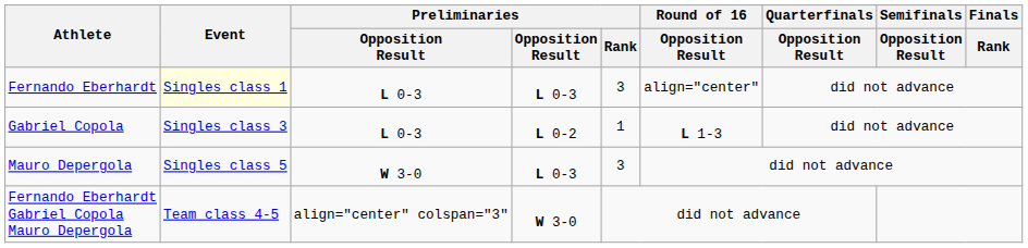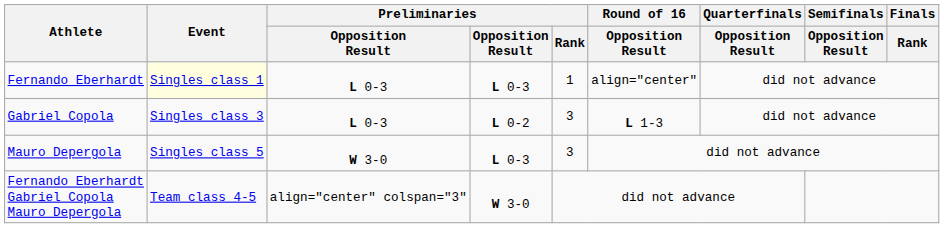 <table class=wikitable style="font-size:90%">
 <tr>
 <th rowspan="2">Athlete</th>
 <th rowspan="2">Event</th>
 <th colspan="3">Preliminaries</th>
 <th>Round of 16</th>
 <th>Quarterfinals</th>
 <th>Semifinals</th>
 <th colspan="2">Finals</th>
 </tr>
 <tr>
 <th>Opposition<br>Result</th>
 <th>Opposition<br>Result</th>
 <th>Rank</th>
 <th>Opposition<br>Result</th>
 <th>Opposition<br>Result</th>
 <th>Opposition<br>Result</th>
 <th>Rank</th>
 </tr>
 <tr>
 <td><a href='#'>Fernando Eberhardt</a></td>
 <td style="background: lightyellow;"><a href='#'>Singles class 1</a></td>
 <td align="center"><br> <strong>L</strong> 0-3</td>
 <td align="center"><br> <strong>L</strong> 0-3</td>
-<td align="center">3</td>
+<td align="center">1</td>
 <td>align="center" </td>
 <td align="center" colspan=3>did not advance</td>
 </tr>
 <tr>
 <td><a href='#'>Gabriel Copola</a></td>
 <td><a href='#'>Singles class 3</a></td>
 <td align="center"><br> <strong>L</strong> 0-3</td>
 <td align="center"> <br><strong>L</strong> 0-2</td>
-<td align="center">1</td>
+<td align="center">3</td>
 <td align="center"><br><strong>L</strong> 1-3</td>
 <td align="center" colspan=3>did not advance</td>
 </tr>
 <tr>
 <td><a href='#'>Mauro Depergola</a></td>
 <td><a href='#'>Singles class 5</a></td>
 <td align="center"><br> <strong>W</strong> 3-0</td>
 <td align="center"><br> <strong>L</strong> 0-3</td>
 <td align="center">3</td>
 <td align="center" colspan=4>did not advance</td>
 </tr>
 <tr>
 <td><a href='#'>Fernando Eberhardt</a><br><a href='#'>Gabriel Copola</a><br><a href='#'>Mauro Depergola</a></td>
 <td><a href='#'>Team class 4-5</a></td>
 <td>align="center" colspan="3" </td>
 <td align="center"><br> <strong>W</strong> 3-0</td>
 <td align="center" colspan=3>did not advance</td>
 </tr>
 </table>
